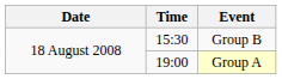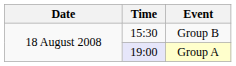 <table class = "wikitable" style="text-align:center;">
 <tr>
 <th width=150>Date</th>
 <th width=50>Time</th>
 <th width=80>Event</th>
 </tr>
 <tr>
 <td rowspan=2>18 August 2008</td>
 <td>15:30</td>
 <td>Group B</td>
 </tr>
 <tr>
-<td>19:00</td>
+<td style="background: lavender;">19:00</td>
 <td bgcolor=ffffcc>Group A</td>
 </tr>
 </table>
